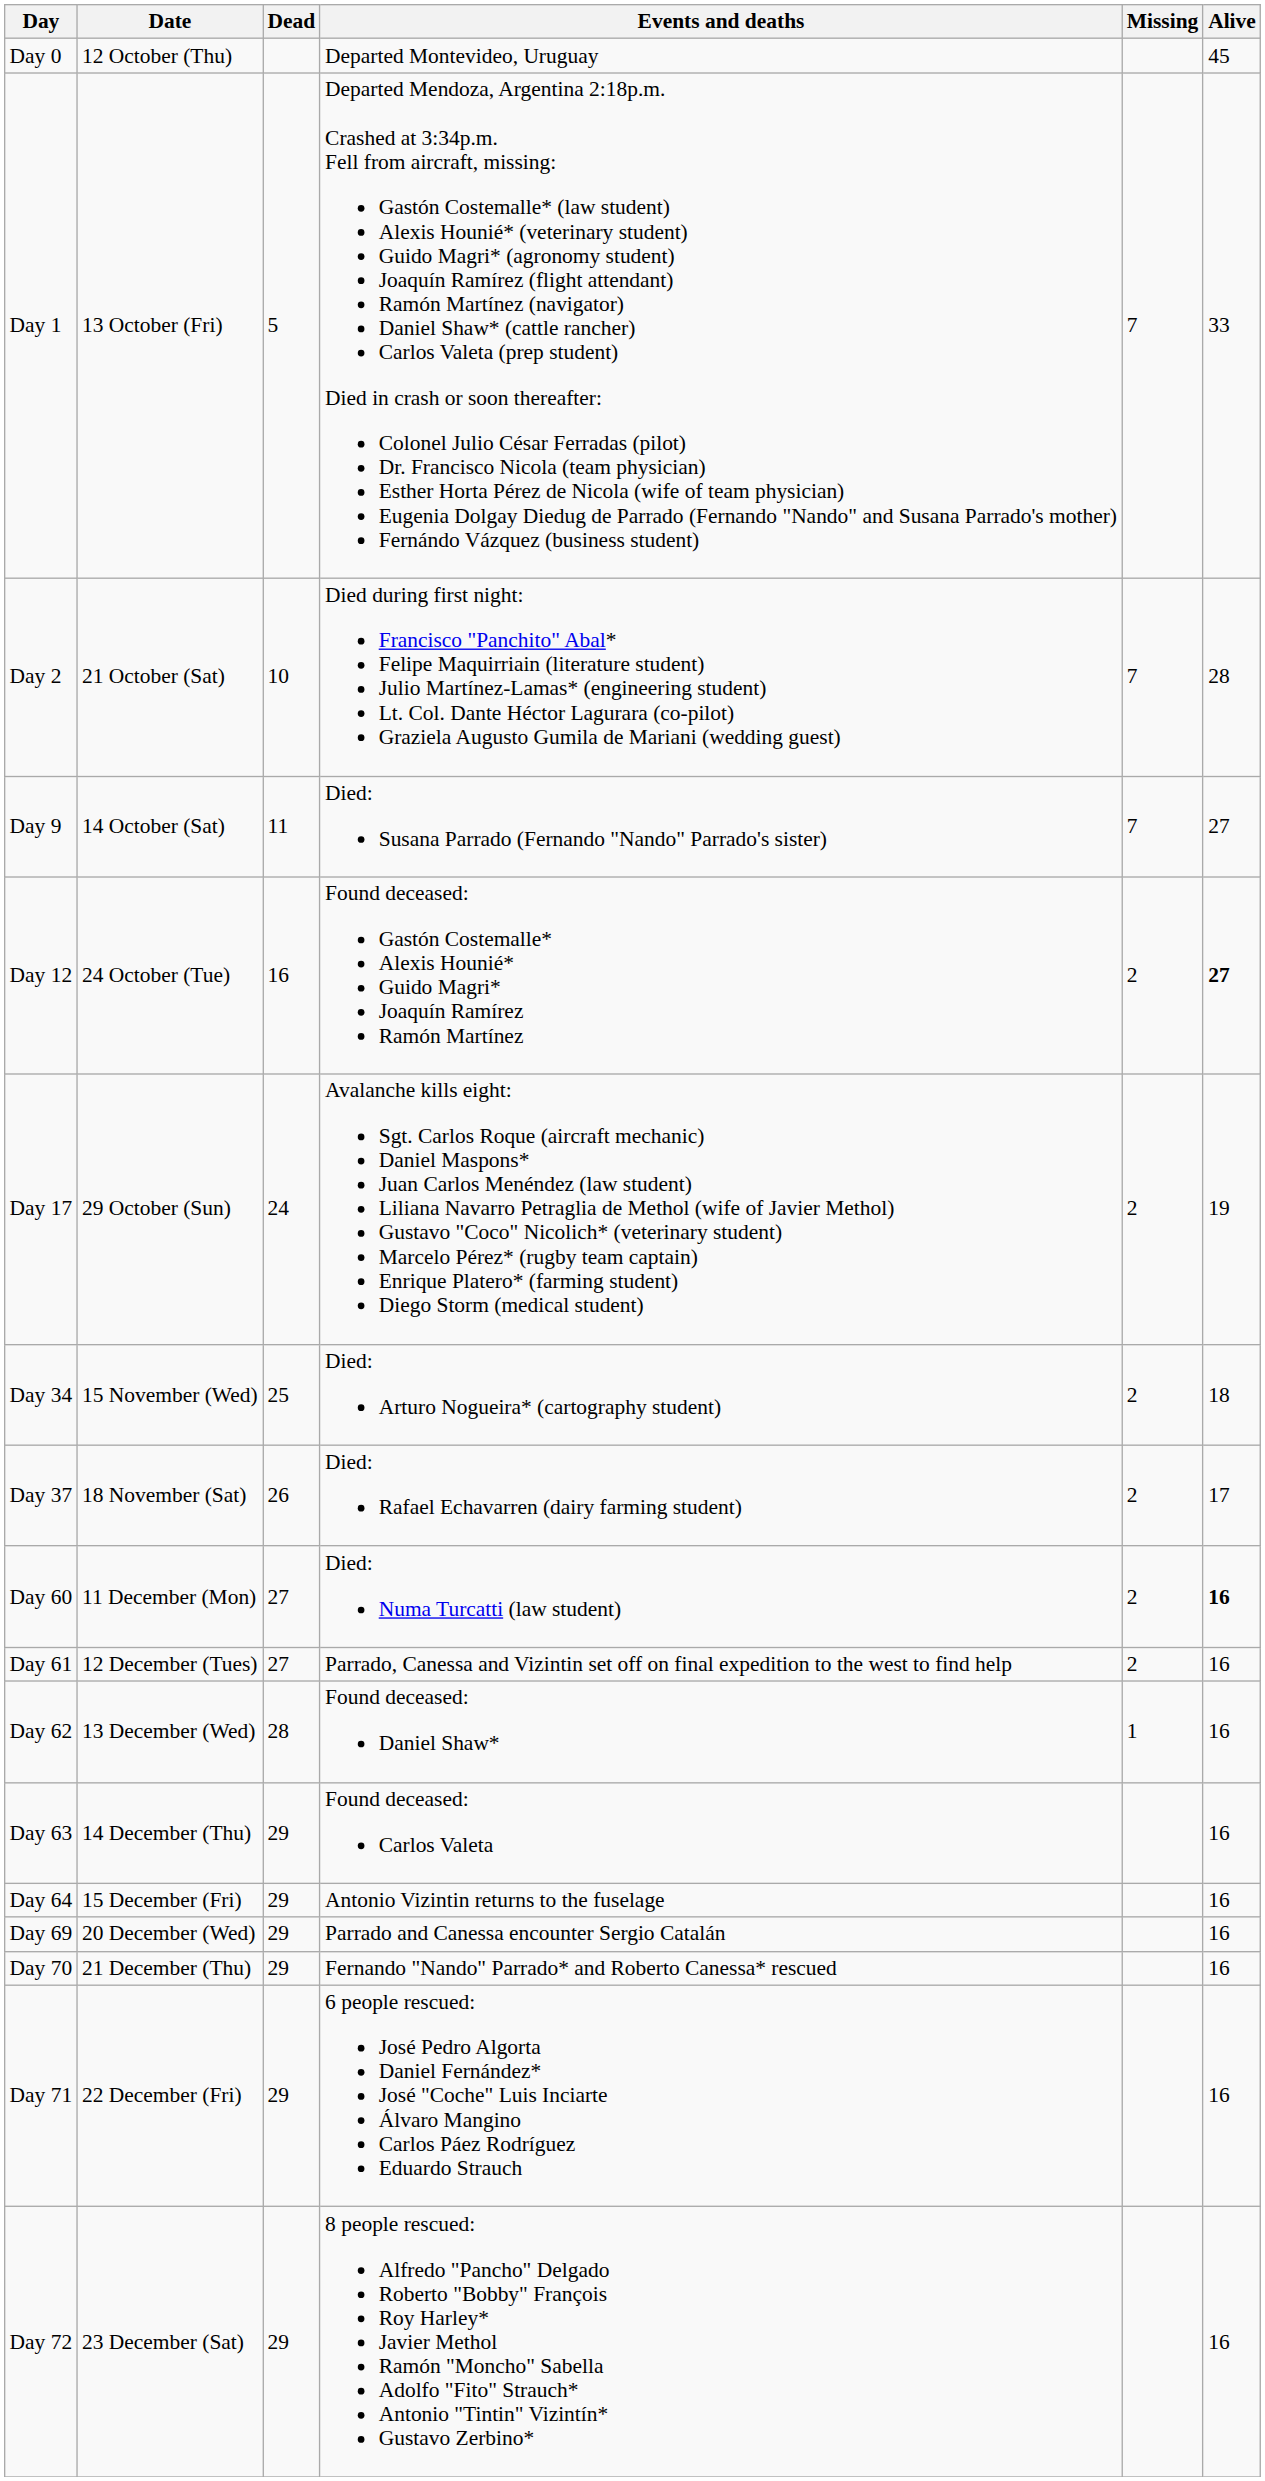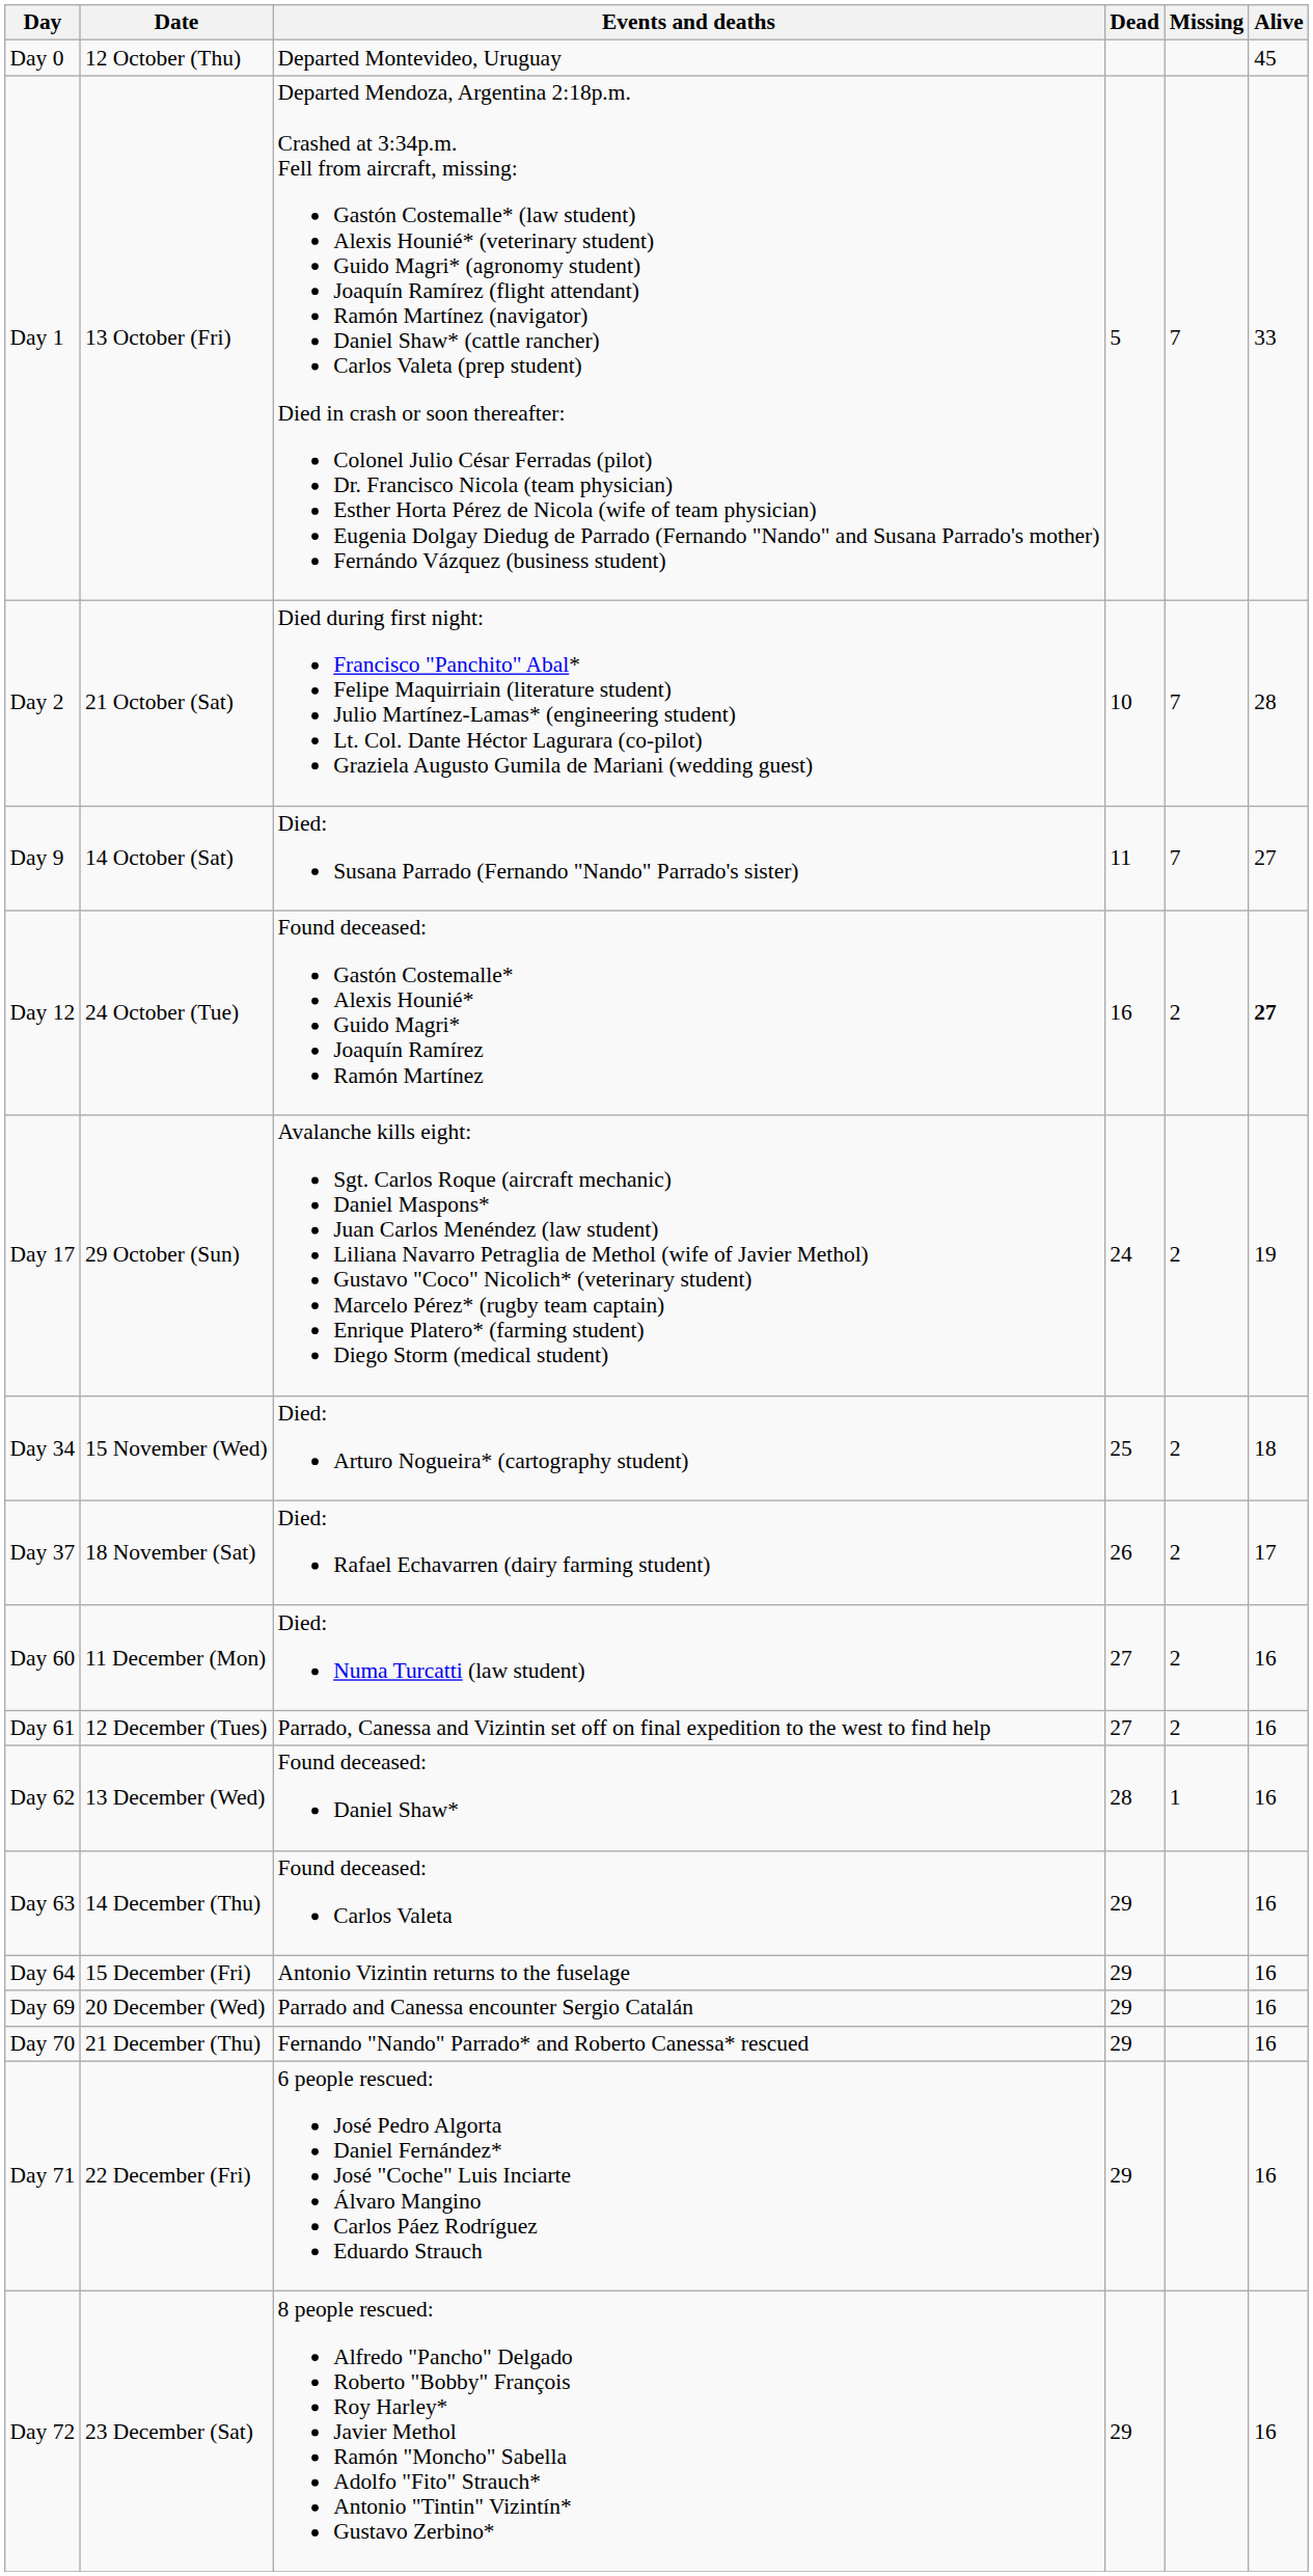 <table class="wikitable">
 <tr>
 <th>Day</th>
 <th>Date</th>
+<th>Events and deaths</th>
 <th>Dead</th>
-<th>Events and deaths</th>
 <th>Missing</th>
 <th>Alive</th>
 </tr>
 <tr>
 <td>Day 0</td>
 <td>12 October (Thu)</td>
+<td>Departed Montevideo, Uruguay</td>
 <td></td>
-<td>Departed Montevideo, Uruguay</td>
 <td></td>
 <td>45</td>
 </tr>
 <tr>
 <td>Day 1</td>
 <td>13 October (Fri)</td>
+<td>Departed Mendoza, Argentina 2:18p.m.<br><br>Crashed at 3:34p.m.<br> Fell from aircraft, missing:<ul><li>Gastón Costemalle* (law student)</li><li>Alexis Hounié* (veterinary student)</li><li>Guido Magri* (agronomy student)</li><li>Joaquín Ramírez (flight attendant)</li><li>Ramón Martínez (navigator)</li><li>Daniel Shaw* (cattle rancher)</li><li>Carlos Valeta (prep student)</li></ul>Died in crash or soon thereafter:<ul><li>Colonel Julio César Ferradas (pilot)</li><li>Dr. Francisco Nicola (team physician)</li><li>Esther Horta Pérez de Nicola (wife of team physician)</li><li>Eugenia Dolgay Diedug de Parrado (Fernando "Nando" and Susana Parrado's mother)</li><li>Fernándo Vázquez (business student)</li></ul></td>
 <td>5</td>
-<td>Departed Mendoza, Argentina 2:18p.m.<br><br>Crashed at 3:34p.m.<br> Fell from aircraft, missing:<ul><li>Gastón Costemalle* (law student)</li><li>Alexis Hounié* (veterinary student)</li><li>Guido Magri* (agronomy student)</li><li>Joaquín Ramírez (flight attendant)</li><li>Ramón Martínez (navigator)</li><li>Daniel Shaw* (cattle rancher)</li><li>Carlos Valeta (prep student)</li></ul>Died in crash or soon thereafter:<ul><li>Colonel Julio César Ferradas (pilot)</li><li>Dr. Francisco Nicola (team physician)</li><li>Esther Horta Pérez de Nicola (wife of team physician)</li><li>Eugenia Dolgay Diedug de Parrado (Fernando "Nando" and Susana Parrado's mother)</li><li>Fernándo Vázquez (business student)</li></ul></td>
 <td>7</td>
 <td>33</td>
 </tr>
 <tr>
 <td>Day 2</td>
 <td>21 October (Sat)</td>
+<td>Died during first night:<br><ul><li><a href='#'>Francisco "Panchito" Abal</a>*</li><li>Felipe Maquirriain (literature student)</li><li>Julio Martínez-Lamas* (engineering student)</li><li>Lt. Col. Dante Héctor Lagurara (co-pilot)</li><li>Graziela Augusto Gumila de Mariani (wedding guest)</li></ul></td>
 <td>10</td>
-<td>Died during first night:<br><ul><li><a href='#'>Francisco "Panchito" Abal</a>*</li><li>Felipe Maquirriain (literature student)</li><li>Julio Martínez-Lamas* (engineering student)</li><li>Lt. Col. Dante Héctor Lagurara (co-pilot)</li><li>Graziela Augusto Gumila de Mariani (wedding guest)</li></ul></td>
 <td>7</td>
 <td>28</td>
 </tr>
 <tr>
 <td>Day 9</td>
 <td>14 October (Sat)</td>
+<td>Died:<br><ul><li>Susana Parrado (Fernando "Nando" Parrado's sister)</li></ul></td>
 <td>11</td>
-<td>Died:<br><ul><li>Susana Parrado (Fernando "Nando" Parrado's sister)</li></ul></td>
 <td>7</td>
 <td>27</td>
 </tr>
 <tr>
 <td>Day 12</td>
 <td>24 October (Tue)</td>
+<td>Found deceased:<br><ul><li>Gastón Costemalle*</li><li>Alexis Hounié*</li><li>Guido Magri*</li><li>Joaquín Ramírez</li><li>Ramón Martínez</li></ul></td>
 <td>16</td>
-<td>Found deceased:<br><ul><li>Gastón Costemalle*</li><li>Alexis Hounié*</li><li>Guido Magri*</li><li>Joaquín Ramírez</li><li>Ramón Martínez</li></ul></td>
 <td>2</td>
 <td><strong>27</strong></td>
 </tr>
 <tr>
 <td>Day 17</td>
 <td>29 October (Sun)</td>
+<td>Avalanche kills eight:<br><ul><li>Sgt. Carlos Roque (aircraft mechanic)</li><li>Daniel Maspons*</li><li>Juan Carlos Menéndez (law student)</li><li>Liliana Navarro Petraglia de Methol (wife of Javier Methol)</li><li>Gustavo "Coco" Nicolich* (veterinary student)</li><li>Marcelo Pérez* (rugby team captain)</li><li>Enrique Platero* (farming student)</li><li>Diego Storm (medical student)</li></ul></td>
 <td>24</td>
-<td>Avalanche kills eight:<br><ul><li>Sgt. Carlos Roque (aircraft mechanic)</li><li>Daniel Maspons*</li><li>Juan Carlos Menéndez (law student)</li><li>Liliana Navarro Petraglia de Methol (wife of Javier Methol)</li><li>Gustavo "Coco" Nicolich* (veterinary student)</li><li>Marcelo Pérez* (rugby team captain)</li><li>Enrique Platero* (farming student)</li><li>Diego Storm (medical student)</li></ul></td>
 <td>2</td>
 <td>19</td>
 </tr>
 <tr>
 <td>Day 34</td>
 <td>15 November (Wed)</td>
+<td>Died:<br><ul><li>Arturo Nogueira* (cartography student)</li></ul></td>
 <td>25</td>
-<td>Died:<br><ul><li>Arturo Nogueira* (cartography student)</li></ul></td>
 <td>2</td>
 <td>18</td>
 </tr>
 <tr>
 <td>Day 37</td>
 <td>18 November (Sat)</td>
+<td>Died:<br><ul><li>Rafael Echavarren (dairy farming student)</li></ul></td>
 <td>26</td>
-<td>Died:<br><ul><li>Rafael Echavarren (dairy farming student)</li></ul></td>
 <td>2</td>
 <td>17</td>
 </tr>
 <tr>
 <td>Day 60</td>
 <td>11 December (Mon)</td>
+<td>Died:<br><ul><li><a href='#'>Numa Turcatti</a> (law student)</li></ul></td>
 <td>27</td>
-<td>Died:<br><ul><li><a href='#'>Numa Turcatti</a> (law student)</li></ul></td>
 <td>2</td>
-<td><strong>16</strong></td>
+<td>16</td>
 </tr>
 <tr>
 <td>Day 61</td>
 <td>12 December (Tues)</td>
+<td>Parrado, Canessa and Vizintin set off on final expedition to the west to find help</td>
 <td>27</td>
-<td>Parrado, Canessa and Vizintin set off on final expedition to the west to find help</td>
 <td>2</td>
 <td>16</td>
 </tr>
 <tr>
 <td>Day 62</td>
 <td>13 December (Wed)</td>
+<td>Found deceased:<br><ul><li>Daniel Shaw*</li></ul></td>
 <td>28</td>
-<td>Found deceased:<br><ul><li>Daniel Shaw*</li></ul></td>
 <td>1</td>
 <td>16</td>
 </tr>
 <tr>
 <td>Day 63</td>
 <td>14 December (Thu)</td>
+<td>Found deceased:<br><ul><li>Carlos Valeta</li></ul></td>
 <td>29</td>
-<td>Found deceased:<br><ul><li>Carlos Valeta</li></ul></td>
 <td></td>
 <td>16</td>
 </tr>
 <tr>
 <td>Day 64</td>
 <td>15 December (Fri)</td>
+<td>Antonio Vizintin returns to the fuselage</td>
 <td>29</td>
-<td>Antonio Vizintin returns to the fuselage</td>
 <td></td>
 <td>16</td>
 </tr>
 <tr>
 <td>Day 69</td>
 <td>20 December (Wed)</td>
+<td>Parrado and Canessa encounter Sergio Catalán</td>
 <td>29</td>
-<td>Parrado and Canessa encounter Sergio Catalán</td>
 <td></td>
 <td>16</td>
 </tr>
 <tr>
 <td>Day 70</td>
 <td>21 December (Thu)</td>
+<td>Fernando "Nando" Parrado* and Roberto Canessa* rescued</td>
 <td>29</td>
-<td>Fernando "Nando" Parrado* and Roberto Canessa* rescued</td>
 <td></td>
 <td>16</td>
 </tr>
 <tr>
 <td>Day 71</td>
 <td>22 December (Fri)</td>
+<td>6 people rescued:<br><ul><li>José Pedro Algorta</li><li>Daniel Fernández*</li><li>José "Coche" Luis Inciarte</li><li>Álvaro Mangino</li><li>Carlos Páez Rodríguez</li><li>Eduardo Strauch</li></ul></td>
 <td>29</td>
-<td>6 people rescued:<br><ul><li>José Pedro Algorta</li><li>Daniel Fernández*</li><li>José "Coche" Luis Inciarte</li><li>Álvaro Mangino</li><li>Carlos Páez Rodríguez</li><li>Eduardo Strauch</li></ul></td>
 <td></td>
 <td>16</td>
 </tr>
 <tr>
 <td>Day 72</td>
 <td>23 December (Sat)</td>
+<td>8 people rescued:<br><ul><li>Alfredo "Pancho" Delgado</li><li>Roberto "Bobby" François</li><li>Roy Harley*</li><li>Javier Methol</li><li>Ramón "Moncho" Sabella</li><li>Adolfo "Fito" Strauch*</li><li>Antonio "Tintin" Vizintín*</li><li>Gustavo Zerbino*</li></ul></td>
 <td>29</td>
-<td>8 people rescued:<br><ul><li>Alfredo "Pancho" Delgado</li><li>Roberto "Bobby" François</li><li>Roy Harley*</li><li>Javier Methol</li><li>Ramón "Moncho" Sabella</li><li>Adolfo "Fito" Strauch*</li><li>Antonio "Tintin" Vizintín*</li><li>Gustavo Zerbino*</li></ul></td>
 <td></td>
 <td>16</td>
 </tr>
 </table>
